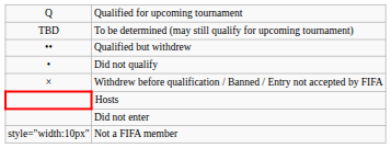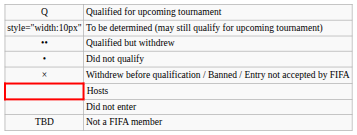 <table class="wikitable" style="font-size:90%">
 <tr>
 <td style="text-align:center;width:10px">Q</td>
 <td>Qualified for upcoming tournament</td>
 </tr>
 <tr>
-<td style="text-align:center;width:10px">TBD</td>
+<td>style="width:10px" </td>
 <td>To be determined (may still qualify for upcoming tournament)</td>
 </tr>
 <tr>
 <td style="text-align:center;width:10px">••</td>
 <td>Qualified but withdrew</td>
 </tr>
 <tr>
 <td style="text-align:center;width:10px">•</td>
 <td>Did not qualify</td>
 </tr>
 <tr>
 <td style="text-align:center;width:10px">×</td>
 <td>Withdrew before qualification / Banned / Entry not accepted by FIFA</td>
 </tr>
 <tr>
 <td style="width:10px;border:3px solid red"></td>
 <td>Hosts</td>
 </tr>
 <tr>
 <td style="width:10px"></td>
 <td>Did not enter</td>
 </tr>
 <tr>
-<td>style="width:10px" </td>
+<td style="text-align:center;width:10px">TBD</td>
 <td>Not a FIFA member</td>
 </tr>
 </table>
